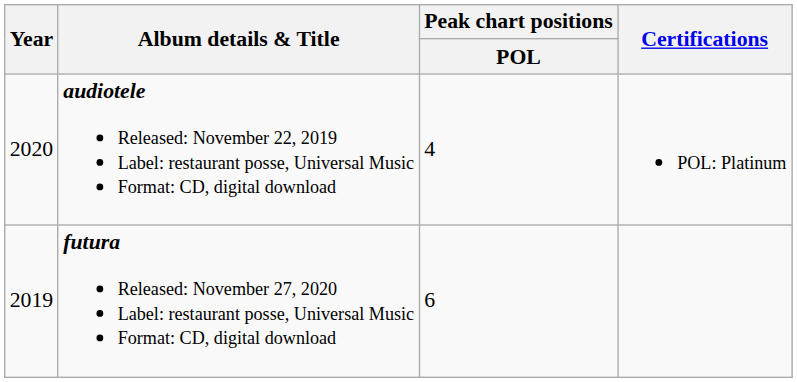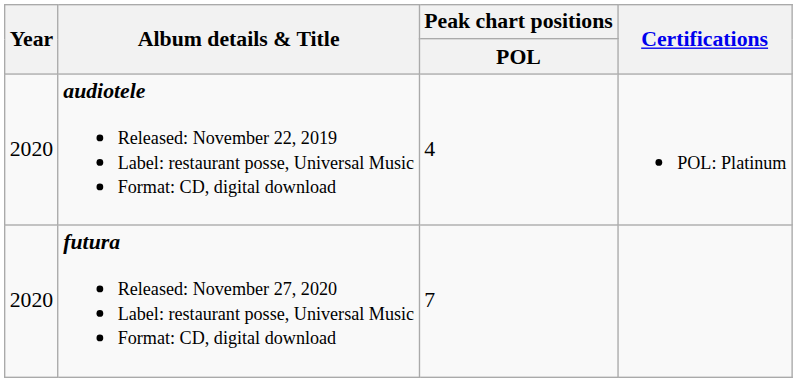 <table class="wikitable">
 <tr>
 <th rowspan="2">Year</th>
 <th rowspan="2"><strong>Album details & Title</strong></th>
 <th><strong>Peak chart positions</strong></th>
 <th rowspan="2"><a href='#'>Certifications</a></th>
 </tr>
 <tr>
 <th>POL<br></th>
 </tr>
 <tr>
 <td>2020</td>
 <td><strong><em>audiotele</em></strong><br><ul><li><small>Released: November 22, 2019</small></li><li><small>Label: restaurant posse, Universal Music</small></li><li><small>Format: CD, digital download</small></li></ul></td>
 <td>4</td>
 <td><br><ul><li><small>POL: Platinum</small></li></ul></td>
 </tr>
 <tr>
-<td>2019</td>
+<td>2020</td>
 <td><strong><em>futura</em></strong><br><ul><li><small>Released: November 27, 2020</small></li><li><small>Label: restaurant posse, Universal Music</small></li><li><small>Format: CD, digital download</small></li></ul></td>
-<td>6</td>
+<td>7</td>
 </tr>
 </table>
